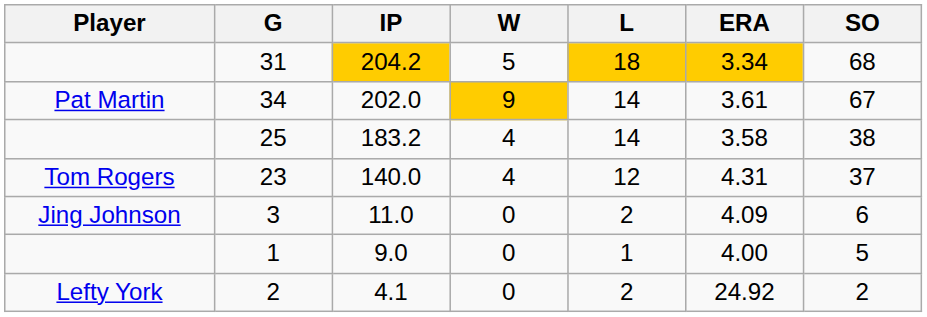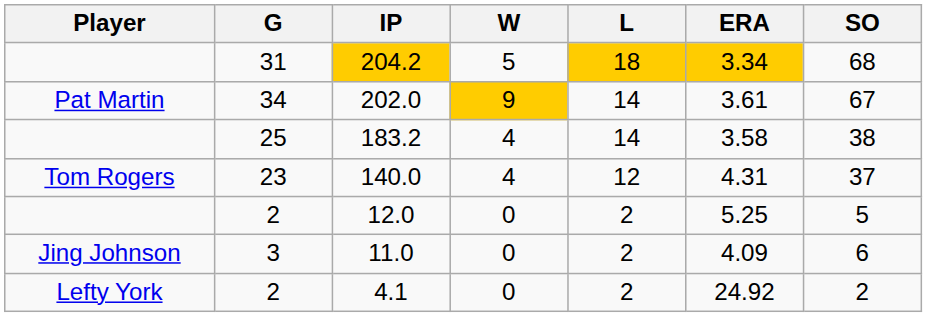 <table class="wikitable sortable">
 <tr>
 <th bgcolor="#DDDDFF" width="16%">Player</th>
 <th bgcolor="#DDDDFF" width="9%">G</th>
 <th bgcolor="#DDDDFF" width="9%">IP</th>
 <th bgcolor="#DDDDFF" width="9%">W</th>
 <th bgcolor="#DDDDFF" width="9%">L</th>
 <th bgcolor="#DDDDFF" width="9%">ERA</th>
 <th bgcolor="#DDDDFF" width="9%">SO</th>
 </tr>
 <tr align="center">
 <td></td>
 <td>31</td>
 <td style="background:#fc0;">204.2</td>
 <td>5</td>
 <td style="background:#fc0;">18</td>
 <td style="background:#fc0;">3.34</td>
 <td>68</td>
 </tr>
 <tr align="center">
 <td><a href='#'>Pat Martin</a></td>
 <td>34</td>
 <td>202.0</td>
 <td style="background:#fc0;">9</td>
 <td>14</td>
 <td>3.61</td>
 <td>67</td>
 </tr>
 <tr align=center>
 <td></td>
 <td>25</td>
 <td>183.2</td>
 <td>4</td>
 <td>14</td>
 <td>3.58</td>
 <td>38</td>
 </tr>
 <tr align="center">
 <td><a href='#'>Tom Rogers</a></td>
 <td>23</td>
 <td>140.0</td>
 <td>4</td>
 <td>12</td>
 <td>4.31</td>
 <td>37</td>
 </tr>
+<tr align=center>
+<td></td>
+<td>2</td>
+<td>12.0</td>
+<td>0</td>
+<td>2</td>
+<td>5.25</td>
+<td>5</td>
+</tr>
 <tr align="center">
 <td><a href='#'>Jing Johnson</a></td>
 <td>3</td>
 <td>11.0</td>
 <td>0</td>
 <td>2</td>
 <td>4.09</td>
 <td>6</td>
-</tr>
-<tr align=center>
-<td></td>
-<td>1</td>
-<td>9.0</td>
-<td>0</td>
-<td>1</td>
-<td>4.00</td>
-<td>5</td>
 </tr>
 <tr align="center">
 <td><a href='#'>Lefty York</a></td>
 <td>2</td>
 <td>4.1</td>
 <td>0</td>
 <td>2</td>
 <td>24.92</td>
 <td>2</td>
 </tr>
 </table>
